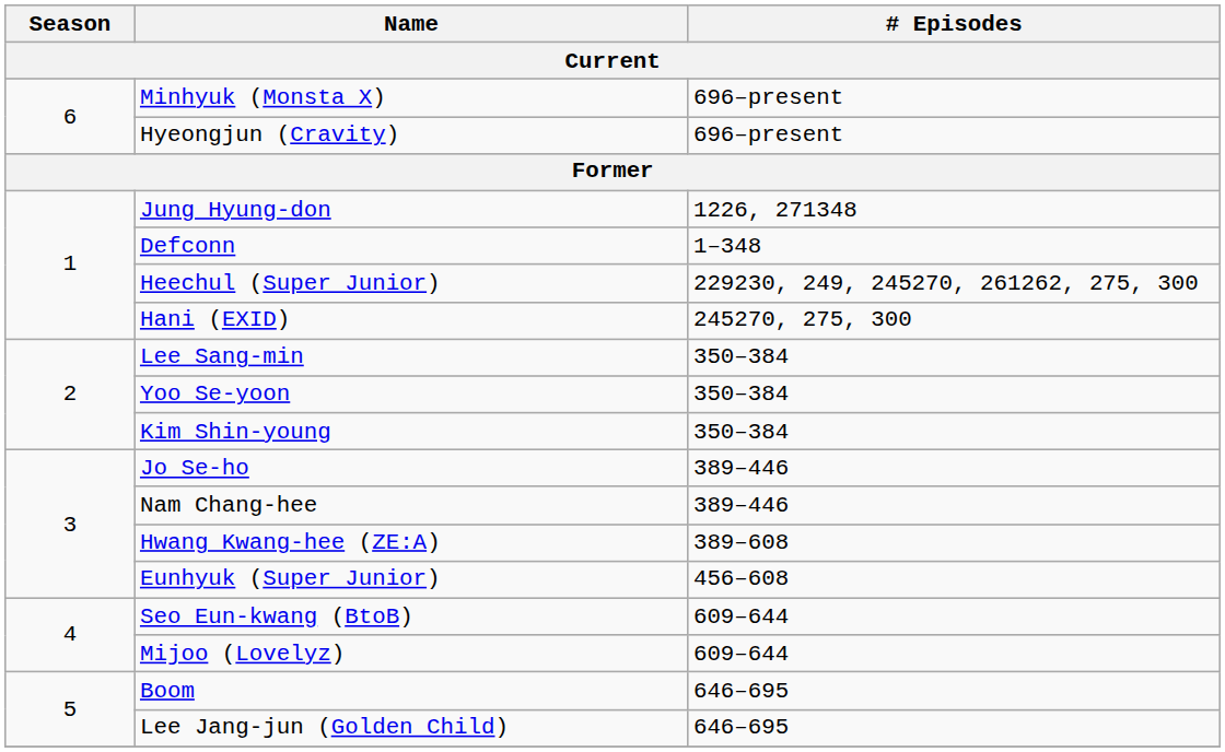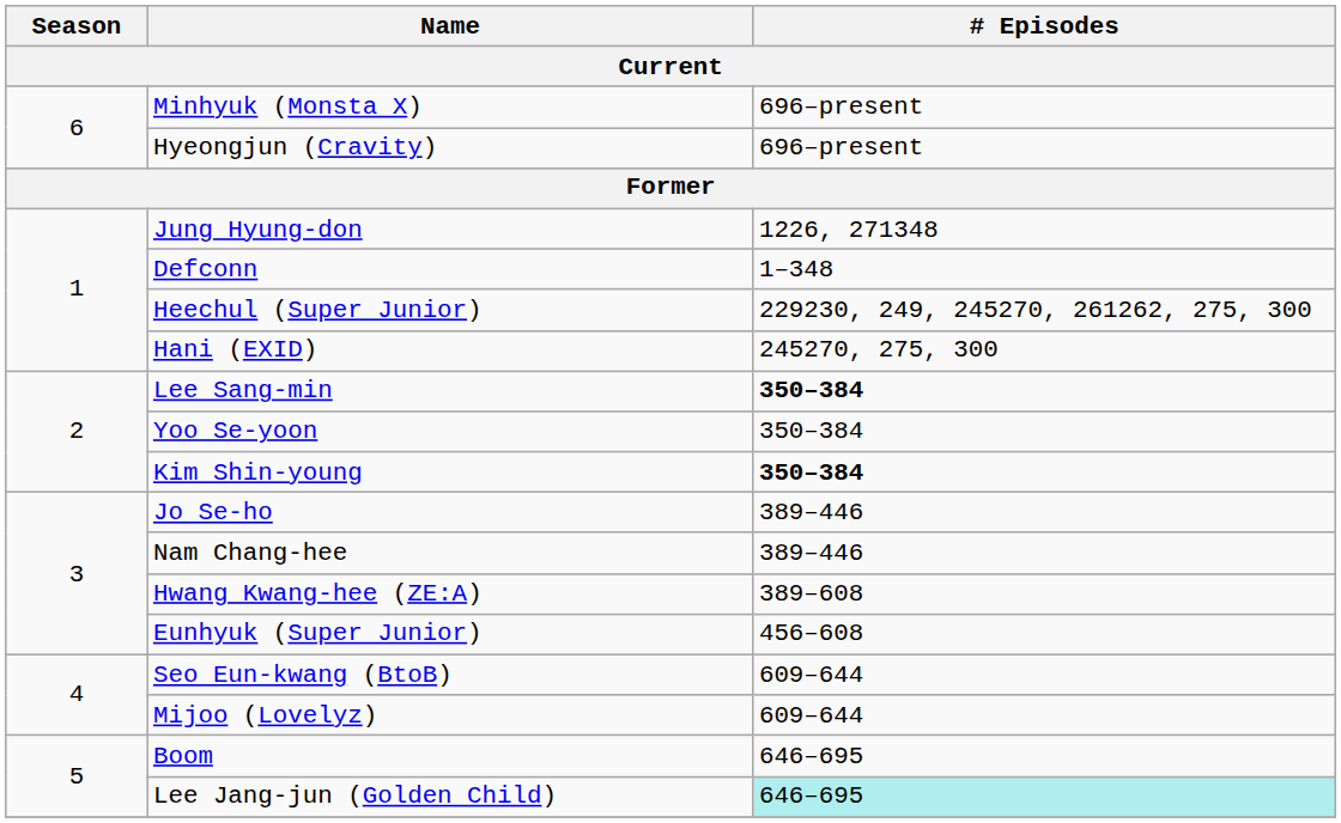 <table class="wikitable" style="width:55%">
 <tr>
 <th style="width:4%;">Season</th>
 <th style="width:26%;">Name</th>
 <th style="width:25%;"># Episodes</th>
 </tr>
 <tr>
 <th colspan="3">Current</th>
 </tr>
 <tr>
 <td scope="col" rowspan="2"  style="text-align:center">6</td>
 <td><a href='#'>Minhyuk</a> (<a href='#'>Monsta X</a>)</td>
 <td>696–present</td>
 </tr>
 <tr>
 <td>Hyeongjun (<a href='#'>Cravity</a>)</td>
 <td>696–present</td>
 </tr>
 <tr>
 <th colspan="3">Former</th>
 </tr>
 <tr>
 <td scope="col" rowspan="4"  style="text-align:center">1</td>
 <td><a href='#'>Jung Hyung-don</a></td>
 <td>1226, 271348</td>
 </tr>
 <tr>
 <td><a href='#'>Defconn</a></td>
 <td>1–348</td>
 </tr>
 <tr>
 <td><a href='#'>Heechul</a> (<a href='#'>Super Junior</a>)</td>
 <td>229230, 249, 245270, 261262, 275, 300</td>
 </tr>
 <tr>
 <td><a href='#'>Hani</a> (<a href='#'>EXID</a>)</td>
 <td>245270, 275, 300</td>
 </tr>
 <tr>
 <td scope="col" rowspan="3" style="text-align:center">2</td>
 <td><a href='#'>Lee Sang-min</a></td>
-<td>350–384</td>
+<td><strong>350–384</strong></td>
 </tr>
 <tr>
 <td><a href='#'>Yoo Se-yoon</a></td>
 <td>350–384</td>
 </tr>
 <tr>
 <td><a href='#'>Kim Shin-young</a></td>
-<td>350–384</td>
+<td><strong>350–384</strong></td>
 </tr>
 <tr>
 <td scope="col" rowspan="4"style="text-align:center">3</td>
 <td><a href='#'>Jo Se-ho</a></td>
 <td>389–446</td>
 </tr>
 <tr>
 <td>Nam Chang-hee</td>
 <td>389–446</td>
 </tr>
 <tr>
 <td><a href='#'>Hwang Kwang-hee</a> (<a href='#'>ZE:A</a>)</td>
 <td>389–608</td>
 </tr>
 <tr>
 <td><a href='#'>Eunhyuk</a> (<a href='#'>Super Junior</a>)</td>
 <td>456–608</td>
 </tr>
 <tr>
 <td scope="col" rowspan="2"  style="text-align:center">4</td>
 <td><a href='#'>Seo Eun-kwang</a> (<a href='#'>BtoB</a>)</td>
 <td>609–644</td>
 </tr>
 <tr>
 <td><a href='#'>Mijoo</a> (<a href='#'>Lovelyz</a>)</td>
 <td>609–644</td>
 </tr>
 <tr>
 <td scope="col" rowspan="2"  style="text-align:center">5</td>
 <td><a href='#'>Boom</a></td>
 <td>646–695</td>
 </tr>
 <tr>
 <td>Lee Jang-jun (<a href='#'>Golden Child</a>)</td>
-<td>646–695</td>
+<td style="background: paleturquoise;">646–695</td>
 </tr>
 <tr>
 </tr>
 </table>
